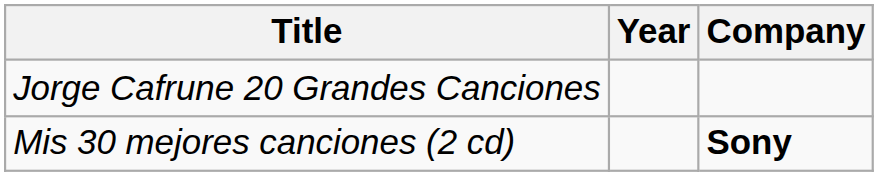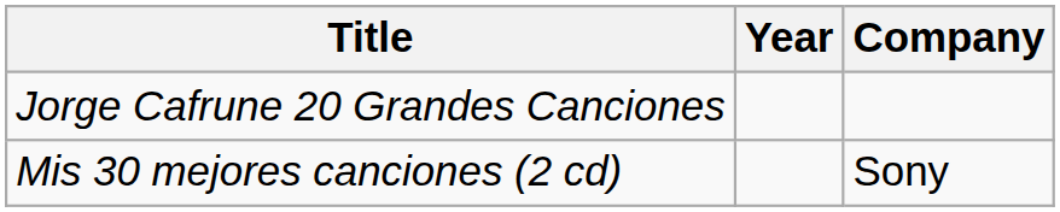 <table class="wikitable">
 <tr style="background-color:#eee;color:#000">
 <th>Title</th>
 <th>Year</th>
 <th>Company</th>
 </tr>
 <tr>
 <td><em>Jorge Cafrune 20 Grandes Canciones</em></td>
 <td></td>
 </tr>
 <tr>
 <td><em>Mis 30 mejores canciones (2 cd)</em></td>
 <td></td>
-<td><strong>Sony</strong></td>
+<td>Sony</td>
 </tr>
 </table>
